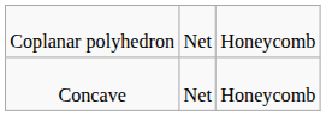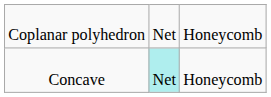 <table class=wikitable>
 <tr align=center>
 <td><br>Coplanar polyhedron</td>
 <td><br>Net</td>
 <td><br>Honeycomb</td>
 </tr>
 <tr align=center>
 <td><br>Concave</td>
-<td><br>Net</td>
+<td style="background: paleturquoise;"><br>Net</td>
 <td><br>Honeycomb</td>
 </tr>
 </table>
